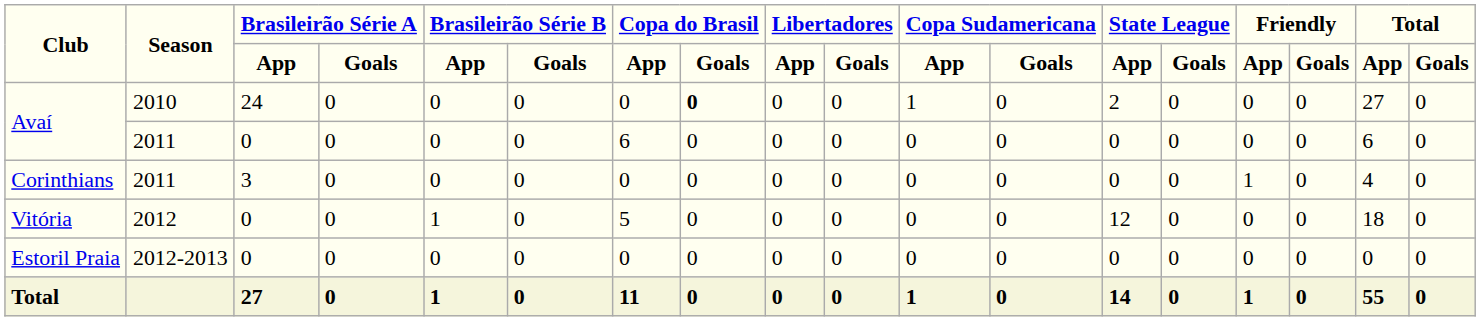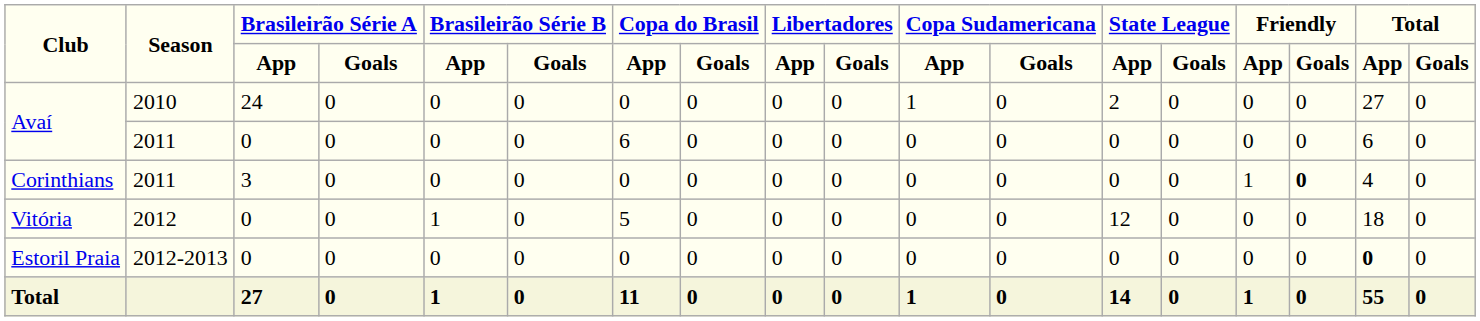 <table border="1" cellpadding="4" cellspacing="2" style="margin:auto; background:ivory; font-size:95%; border:1px #aaa solid; border-collapse:collapse; clear:center;">
 <tr>
 <th rowspan="2">Club</th>
 <th rowspan="2">Season</th>
 <th colspan="2"><a href='#'>Brasileirão Série A</a></th>
 <th colspan="2"><a href='#'>Brasileirão Série B</a></th>
 <th colspan="2"><a href='#'>Copa do Brasil</a></th>
 <th colspan="2"><a href='#'>Libertadores</a></th>
 <th colspan="2"><a href='#'>Copa Sudamericana</a></th>
 <th colspan="2"><a href='#'>State League</a></th>
 <th colspan="2">Friendly</th>
 <th colspan="2">Total</th>
 </tr>
 <tr>
 <th>App</th>
 <th>Goals</th>
 <th>App</th>
 <th>Goals</th>
 <th>App</th>
 <th>Goals</th>
 <th>App</th>
 <th>Goals</th>
 <th>App</th>
 <th>Goals</th>
 <th>App</th>
 <th>Goals</th>
 <th>App</th>
 <th>Goals</th>
 <th>App</th>
 <th>Goals</th>
 </tr>
 <tr>
 <td rowspan="2"><a href='#'>Avaí</a></td>
 <td>2010</td>
 <td>24</td>
 <td>0</td>
 <td>0</td>
 <td>0</td>
 <td>0</td>
-<td><strong>0</strong></td>
+<td>0</td>
 <td>0</td>
 <td>0</td>
 <td>1</td>
 <td>0</td>
 <td>2</td>
 <td>0</td>
 <td>0</td>
 <td>0</td>
 <td>27</td>
 <td>0</td>
 </tr>
 <tr>
 <td>2011</td>
 <td>0</td>
 <td>0</td>
 <td>0</td>
 <td>0</td>
 <td>6</td>
 <td>0</td>
 <td>0</td>
 <td>0</td>
 <td>0</td>
 <td>0</td>
 <td>0</td>
 <td>0</td>
 <td>0</td>
 <td>0</td>
 <td>6</td>
 <td>0</td>
 </tr>
 <tr>
 <td rowspan="1"><a href='#'>Corinthians</a></td>
 <td>2011</td>
 <td>3</td>
 <td>0</td>
 <td>0</td>
 <td>0</td>
 <td>0</td>
 <td>0</td>
 <td>0</td>
 <td>0</td>
 <td>0</td>
 <td>0</td>
 <td>0</td>
 <td>0</td>
 <td>1</td>
-<td>0</td>
+<td><strong>0</strong></td>
 <td>4</td>
 <td>0</td>
 </tr>
 <tr>
 <td rowspan="1"><a href='#'>Vitória</a></td>
 <td>2012</td>
 <td>0</td>
 <td>0</td>
 <td>1</td>
 <td>0</td>
 <td>5</td>
 <td>0</td>
 <td>0</td>
 <td>0</td>
 <td>0</td>
 <td>0</td>
 <td>12</td>
 <td>0</td>
 <td>0</td>
 <td>0</td>
 <td>18</td>
 <td>0</td>
 </tr>
 <tr>
 <td rowspan="1"><a href='#'>Estoril Praia</a></td>
 <td>2012-2013</td>
 <td>0</td>
 <td>0</td>
 <td>0</td>
 <td>0</td>
 <td>0</td>
 <td>0</td>
 <td>0</td>
 <td>0</td>
 <td>0</td>
 <td>0</td>
 <td>0</td>
 <td>0</td>
 <td>0</td>
 <td>0</td>
-<td>0</td>
+<td><strong>0</strong></td>
 <td>0</td>
 </tr>
 <tr>
 <th style="text-align:left; background:beige;">Total</th>
 <th style="text-align:left; background:beige;"></th>
 <th style="text-align:left; background:beige;">27</th>
 <th style="text-align:left; background:beige;">0</th>
 <th style="text-align:left; background:beige;">1</th>
 <th style="text-align:left; background:beige;">0</th>
 <th style="text-align:left; background:beige;">11</th>
 <th style="text-align:left; background:beige;">0</th>
 <th style="text-align:left; background:beige;">0</th>
 <th style="text-align:left; background:beige;">0</th>
 <th style="text-align:left; background:beige;">1</th>
 <th style="text-align:left; background:beige;">0</th>
 <th style="text-align:left; background:beige;">14</th>
 <th style="text-align:left; background:beige;">0</th>
 <th style="text-align:left; background:beige;">1</th>
 <th style="text-align:left; background:beige;">0</th>
 <th style="text-align:left; background:beige;">55</th>
 <th style="text-align:left; background:beige;">0</th>
 </tr>
 </table>
